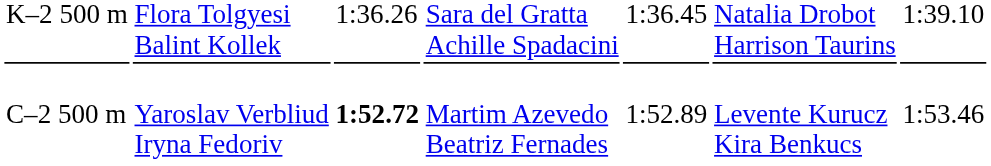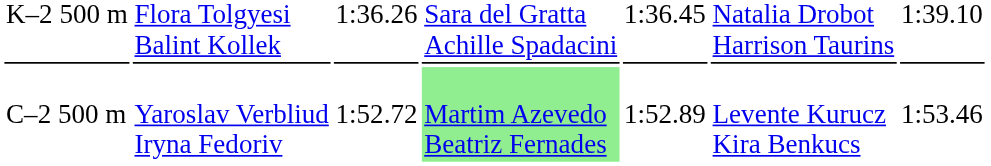 <table>
 <tr>
 <td style="border-bottom:1px solid black">K–2 500 m</td>
 <td style="border-bottom:1px solid black"><br><a href='#'>Flora Tolgyesi</a><br><a href='#'>Balint Kollek</a></td>
 <td style="border-bottom:1px solid black">1:36.26</td>
 <td style="border-bottom:1px solid black"><br><a href='#'>Sara del Gratta</a><br><a href='#'>Achille Spadacini</a></td>
 <td style="border-bottom:1px solid black">1:36.45</td>
 <td style="border-bottom:1px solid black"><br><a href='#'>Natalia Drobot</a><br><a href='#'>Harrison Taurins</a></td>
 <td style="border-bottom:1px solid black">1:39.10</td>
 </tr>
 <tr>
 <td>C–2 500 m</td>
 <td><br><a href='#'>Yaroslav Verbliud</a><br><a href='#'>Iryna Fedoriv</a></td>
-<td><strong>1:52.72</strong></td>
-<td><br><a href='#'>Martim Azevedo</a><br><a href='#'>Beatriz Fernades</a></td>
+<td>1:52.72</td>
+<td style="background: lightgreen;"><br><a href='#'>Martim Azevedo</a><br><a href='#'>Beatriz Fernades</a></td>
 <td>1:52.89</td>
 <td><br><a href='#'>Levente Kurucz</a><br><a href='#'>Kira Benkucs</a></td>
 <td>1:53.46</td>
 </tr>
 </table>
